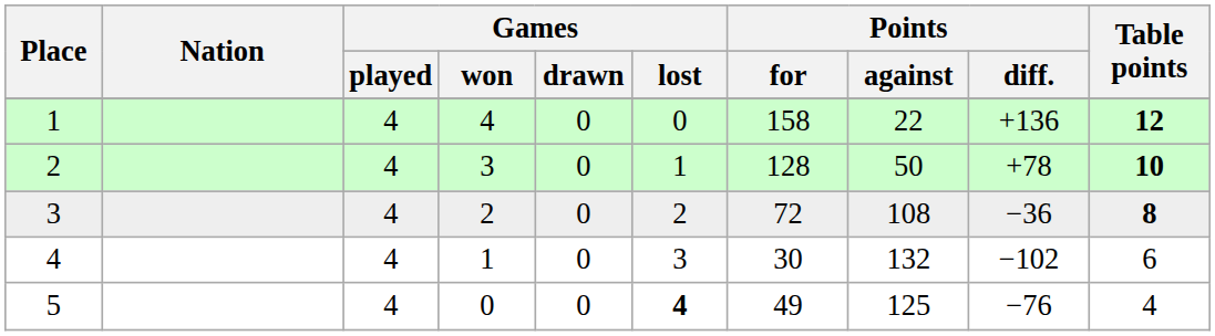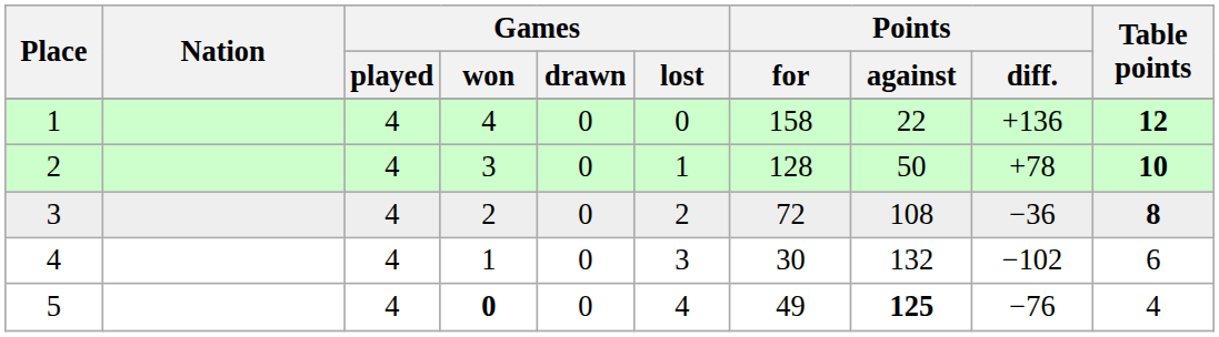 <table class="wikitable">
 <tr>
 <th rowspan=2 width="8%">Place</th>
 <th rowspan=2 width="20%">Nation</th>
 <th colspan=4 width="32%">Games</th>
 <th colspan=3 width="30%">Points</th>
 <th rowspan=2 width="10%">Table<br>points</th>
 </tr>
 <tr>
 <th width="8%">played</th>
 <th width="8%">won</th>
 <th width="8%">drawn</th>
 <th width="8%">lost</th>
 <th width="10%">for</th>
 <th width="10%">against</th>
 <th width="10%">diff.</th>
 </tr>
 <tr>
 </tr>
 <tr bgcolor=#ccffcc align=center>
 <td>1</td>
 <td align=left><strong></strong></td>
 <td>4</td>
 <td>4</td>
 <td>0</td>
 <td>0</td>
 <td>158</td>
 <td>22</td>
 <td>+136</td>
 <td><strong>12</strong></td>
 </tr>
 <tr bgcolor=#ccffcc align=center>
 <td>2</td>
 <td align=left></td>
 <td>4</td>
 <td>3</td>
 <td>0</td>
 <td>1</td>
 <td>128</td>
 <td>50</td>
 <td>+78</td>
 <td><strong>10</strong></td>
 </tr>
 <tr bgcolor=#eeeeee align=center>
 <td>3</td>
 <td align=left><em></em></td>
 <td>4</td>
 <td>2</td>
 <td>0</td>
 <td>2</td>
 <td>72</td>
 <td>108</td>
 <td>−36</td>
 <td><strong>8</strong></td>
 </tr>
 <tr bgcolor=#ffffff align=center>
 <td>4</td>
 <td align=left></td>
 <td>4</td>
 <td>1</td>
 <td>0</td>
 <td>3</td>
 <td>30</td>
 <td>132</td>
 <td>−102</td>
 <td>6</td>
 </tr>
 <tr bgcolor=#ffffff align=center>
 <td>5</td>
 <td align=left><em></em></td>
 <td>4</td>
+<td><strong>0</strong></td>
 <td>0</td>
-<td>0</td>
-<td><strong>4</strong></td>
+<td>4</td>
 <td>49</td>
-<td>125</td>
+<td><strong>125</strong></td>
 <td>−76</td>
 <td>4</td>
 </tr>
 </table>
